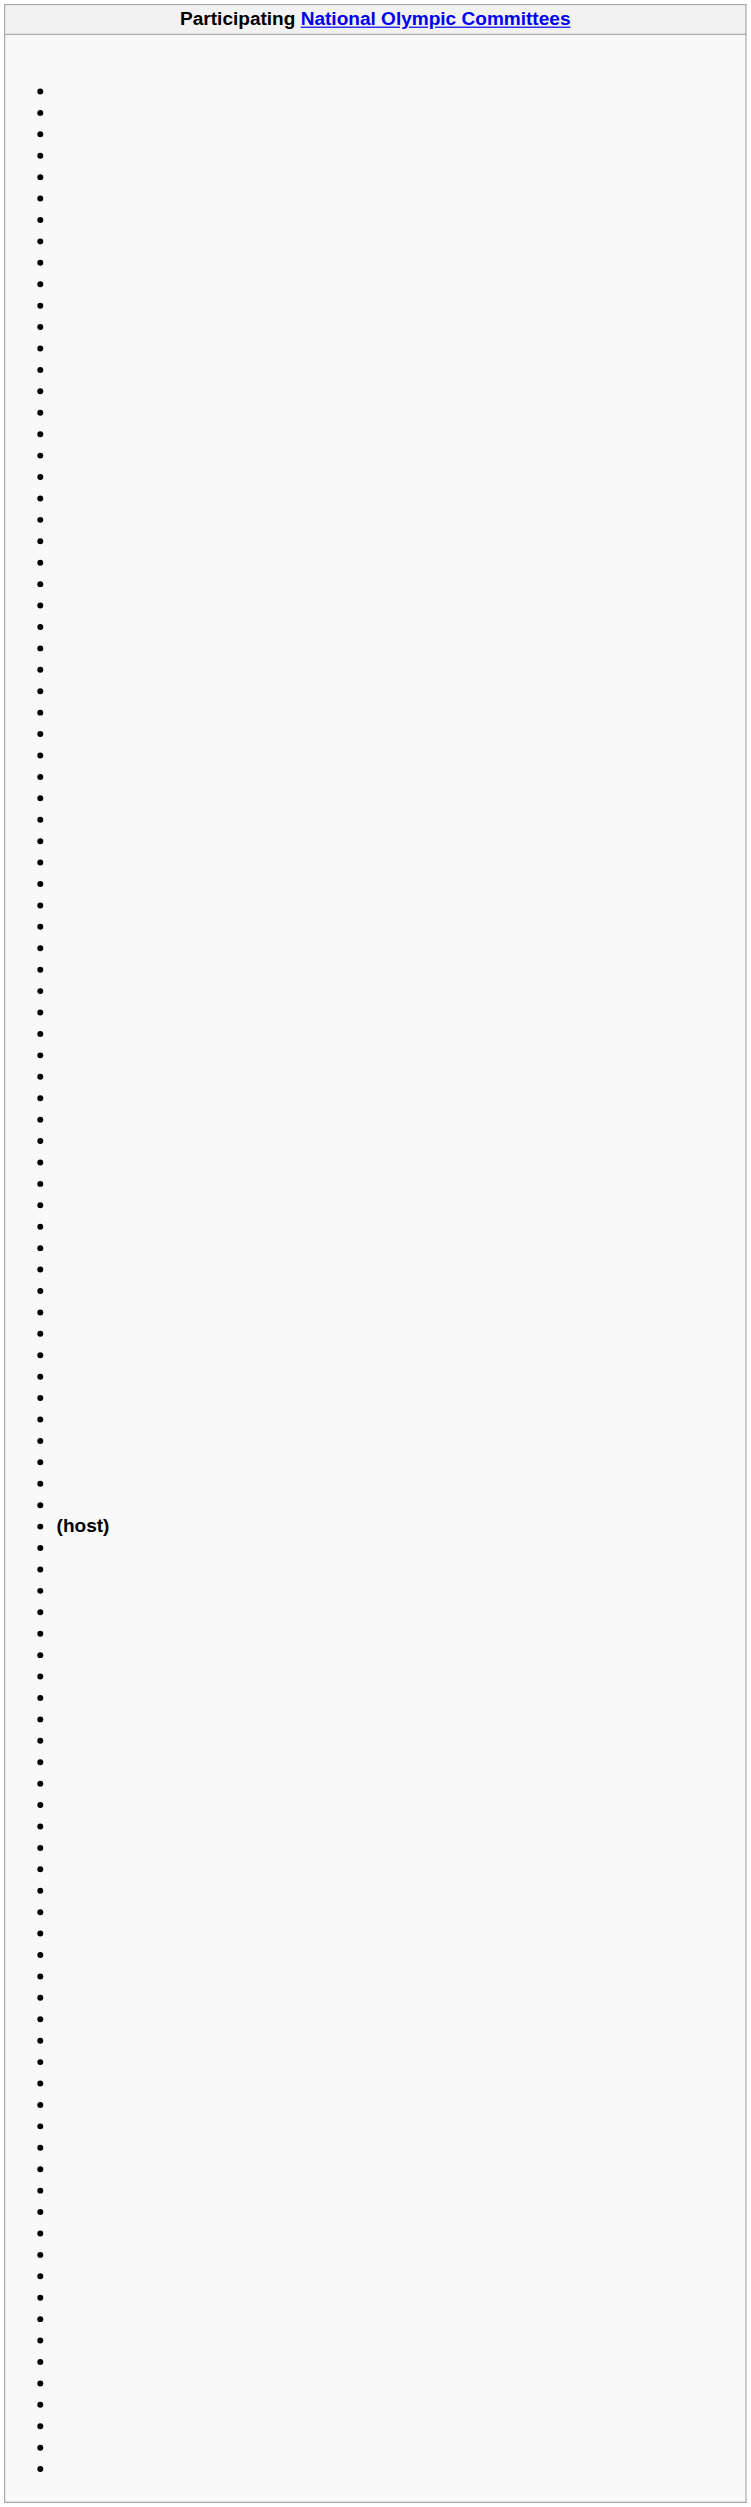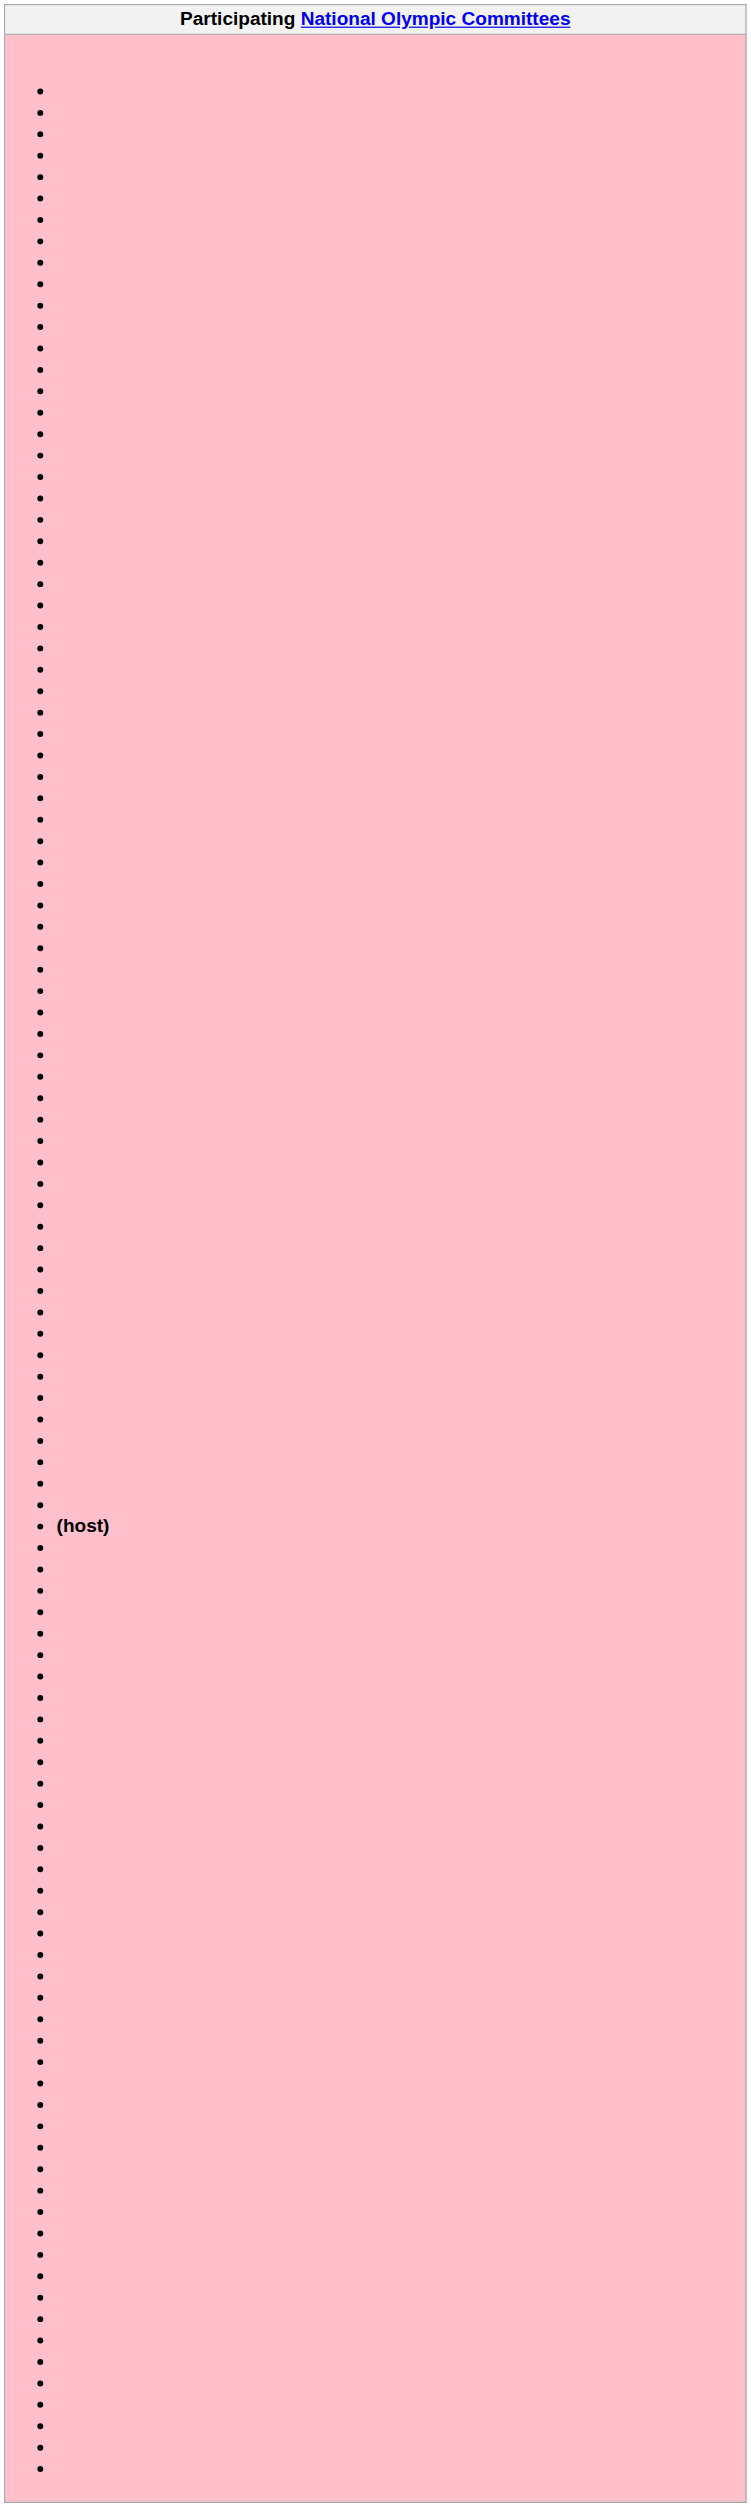 <table class="wikitable collapsible" style="width:100%;">
 <tr>
 <th>Participating <a href='#'>National Olympic Committees</a></th>
 </tr>
 <tr>
-<td><br><ul><li></li><li></li><li></li><li></li><li></li><li></li><li></li><li></li><li></li><li></li><li></li><li></li><li></li><li></li><li></li><li></li><li></li><li></li><li></li><li></li><li></li><li></li><li></li><li></li><li></li><li></li><li></li><li></li><li></li><li></li><li></li><li></li><li></li><li></li><li></li><li></li><li></li><li></li><li></li><li></li><li></li><li></li><li></li><li></li><li></li><li></li><li></li><li></li><li></li><li></li><li></li><li></li><li></li><li></li><li></li><li></li><li></li><li></li><li></li><li></li><li></li><li></li><li></li><li></li><li></li><li></li><li></li><li> <strong>(host)</strong></li><li></li><li></li><li></li><li></li><li></li><li></li><li></li><li></li><li></li><li></li><li></li><li></li><li></li><li></li><li></li><li></li><li></li><li></li><li></li><li></li><li></li><li></li><li></li><li></li><li></li><li></li><li></li><li></li><li></li><li></li><li></li><li></li><li></li><li></li><li></li><li></li><li></li><li></li><li></li><li></li><li></li><li></li><li></li><li></li></ul></td>
+<td style="background: pink;"><br><ul><li></li><li></li><li></li><li></li><li></li><li></li><li></li><li></li><li></li><li></li><li></li><li></li><li></li><li></li><li></li><li></li><li></li><li></li><li></li><li></li><li></li><li></li><li></li><li></li><li></li><li></li><li></li><li></li><li></li><li></li><li></li><li></li><li></li><li></li><li></li><li></li><li></li><li></li><li></li><li></li><li></li><li></li><li></li><li></li><li></li><li></li><li></li><li></li><li></li><li></li><li></li><li></li><li></li><li></li><li></li><li></li><li></li><li></li><li></li><li></li><li></li><li></li><li></li><li></li><li></li><li></li><li></li><li> <strong>(host)</strong></li><li></li><li></li><li></li><li></li><li></li><li></li><li></li><li></li><li></li><li></li><li></li><li></li><li></li><li></li><li></li><li></li><li></li><li></li><li></li><li></li><li></li><li></li><li></li><li></li><li></li><li></li><li></li><li></li><li></li><li></li><li></li><li></li><li></li><li></li><li></li><li></li><li></li><li></li><li></li><li></li><li></li><li></li><li></li><li></li></ul></td>
 </tr>
 <tr>
 </tr>
 </table>
